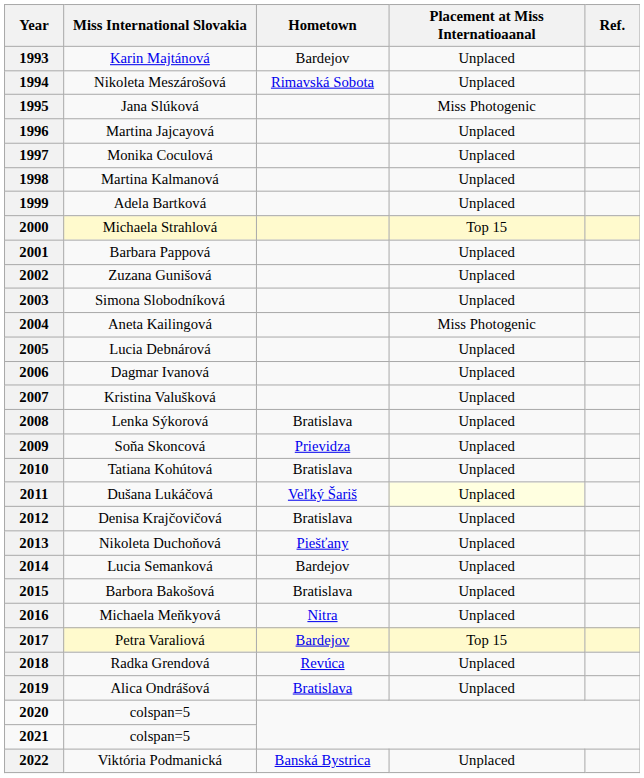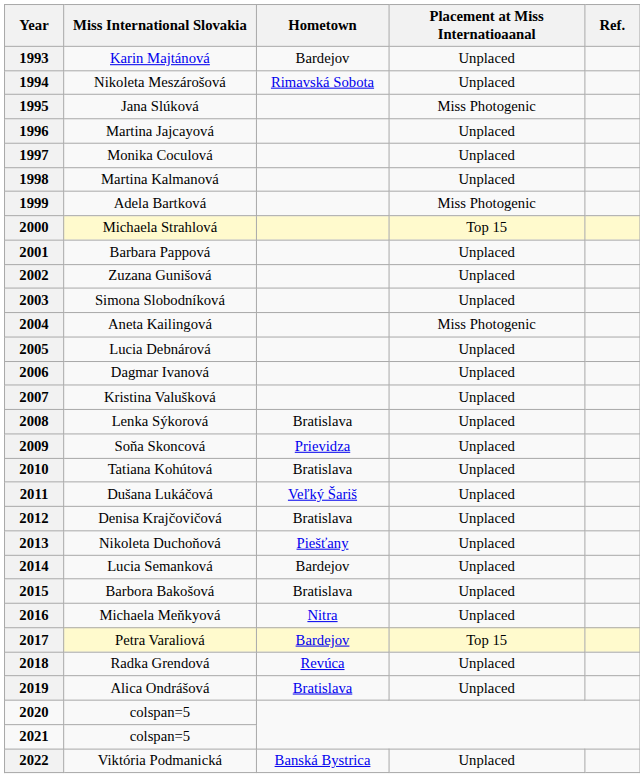 <table class="wikitable" style="text-align:center; font-size:90%; line-height:17px; width:100%;">
 <tr>
 <th style="width:04%;" scope="col">Year</th>
 <th style="width:16%;" scope="col">Miss International Slovakia</th>
 <th style="width:10%;" scope="col">Hometown</th>
 <th style="width:16%;" scope="col">Placement at Miss Internatioaanal</th>
 <th style="width:04%;" scope="col">Ref.</th>
 </tr>
 <tr>
 <th>1993</th>
 <td><a href='#'>Karin Majtánová</a></td>
 <td>Bardejov</td>
 <td>Unplaced</td>
 <td></td>
 </tr>
 <tr>
 <th>1994</th>
 <td>Nikoleta Meszárošová</td>
 <td><a href='#'>Rimavská Sobota</a></td>
 <td>Unplaced</td>
 <td></td>
 </tr>
 <tr>
 <th>1995</th>
 <td>Jana Slúková</td>
 <td></td>
 <td>Miss Photogenic</td>
 <td></td>
 </tr>
 <tr>
 <th>1996</th>
 <td>Martina Jajcayová</td>
 <td></td>
 <td>Unplaced</td>
 <td></td>
 </tr>
 <tr>
 <th>1997</th>
 <td>Monika Coculová</td>
 <td></td>
 <td>Unplaced</td>
 <td></td>
 </tr>
 <tr>
 <th>1998</th>
 <td>Martina Kalmanová</td>
 <td></td>
 <td>Unplaced</td>
 <td></td>
 </tr>
 <tr>
 <th>1999</th>
 <td>Adela Bartková</td>
 <td></td>
-<td>Unplaced</td>
+<td>Miss Photogenic</td>
 <td></td>
 </tr>
 <tr>
 <th>2000</th>
 <td style="background:#FFFACD;">Michaela Strahlová</td>
 <td style="background:#FFFACD;"></td>
 <td style="background:#FFFACD;">Top 15</td>
 <td style="background:#FFFACD;"></td>
 </tr>
 <tr>
 <th>2001</th>
 <td>Barbara Pappová</td>
 <td></td>
 <td>Unplaced</td>
 <td></td>
 </tr>
 <tr>
 <th>2002</th>
 <td>Zuzana Gunišová</td>
 <td></td>
 <td>Unplaced</td>
 <td></td>
 </tr>
 <tr>
 <th>2003</th>
 <td>Simona Slobodníková</td>
 <td></td>
 <td>Unplaced</td>
 <td></td>
 </tr>
 <tr>
 <th>2004</th>
 <td>Aneta Kailingová</td>
 <td></td>
 <td>Miss Photogenic</td>
 <td></td>
 </tr>
 <tr>
 <th>2005</th>
 <td>Lucia Debnárová</td>
 <td></td>
 <td>Unplaced</td>
 <td></td>
 </tr>
 <tr>
 <th>2006</th>
 <td>Dagmar Ivanová</td>
 <td></td>
 <td>Unplaced</td>
 <td></td>
 </tr>
 <tr>
 <th>2007</th>
 <td>Kristina Valušková</td>
 <td></td>
 <td>Unplaced</td>
 <td></td>
 </tr>
 <tr>
 <th>2008</th>
 <td>Lenka Sýkorová</td>
 <td>Bratislava</td>
 <td>Unplaced</td>
 <td></td>
 </tr>
 <tr>
 <th>2009</th>
 <td>Soňa Skoncová</td>
 <td><a href='#'>Prievidza</a></td>
 <td>Unplaced</td>
 <td></td>
 </tr>
 <tr>
 <th>2010</th>
 <td>Tatiana Kohútová</td>
 <td>Bratislava</td>
 <td>Unplaced</td>
 <td></td>
 </tr>
 <tr>
 <th>2011</th>
 <td>Dušana Lukáčová</td>
 <td><a href='#'>Veľký Šariš</a></td>
-<td style="background: lightyellow;">Unplaced</td>
+<td>Unplaced</td>
 <td></td>
 </tr>
 <tr>
 <th>2012</th>
 <td>Denisa Krajčovičová</td>
 <td>Bratislava</td>
 <td>Unplaced</td>
 <td></td>
 </tr>
 <tr>
 <th>2013</th>
 <td>Nikoleta Duchoňová</td>
 <td><a href='#'>Piešťany</a></td>
 <td>Unplaced</td>
 <td></td>
 </tr>
 <tr>
 <th>2014</th>
 <td>Lucia Semanková</td>
 <td>Bardejov</td>
 <td>Unplaced</td>
 <td></td>
 </tr>
 <tr>
 <th>2015</th>
 <td>Barbora Bakošová</td>
 <td>Bratislava</td>
 <td>Unplaced</td>
 <td></td>
 </tr>
 <tr>
 <th>2016</th>
 <td>Michaela Meňkyová</td>
 <td><a href='#'>Nitra</a></td>
 <td>Unplaced</td>
 <td></td>
 </tr>
 <tr>
 <th>2017</th>
 <td style="background:#FFFACD;">Petra Varaliová</td>
 <td style="background:#FFFACD;"><a href='#'>Bardejov</a></td>
 <td style="background:#FFFACD;">Top 15</td>
 <td style="background:#FFFACD;"></td>
 </tr>
 <tr>
 <th>2018</th>
 <td>Radka Grendová</td>
 <td><a href='#'>Revúca</a></td>
 <td>Unplaced</td>
 <td></td>
 </tr>
 <tr>
 <th>2019</th>
 <td>Alica Ondrášová</td>
 <td><a href='#'>Bratislava</a></td>
 <td>Unplaced</td>
 <td></td>
 </tr>
 <tr>
 <td><strong>2020</strong></td>
 <td>colspan=5 </td>
 </tr>
 <tr>
 <td><strong>2021</strong></td>
 <td>colspan=5 </td>
 </tr>
 <tr>
 <th>2022</th>
 <td>Viktória Podmanická</td>
 <td><a href='#'>Banská Bystrica</a></td>
 <td>Unplaced</td>
 <td></td>
 </tr>
 </table>
